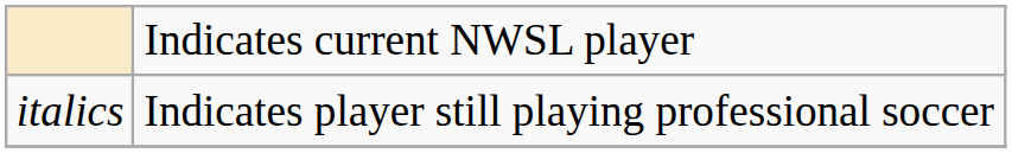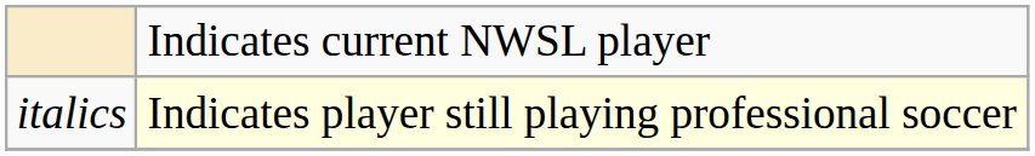 <table class="wikitable">
 <tr>
 <td style="background-color:#faecc8"></td>
 <td>Indicates current NWSL player</td>
 </tr>
 <tr>
 <td><em>italics</em></td>
-<td>Indicates player still playing professional soccer</td>
+<td style="background: lightyellow;">Indicates player still playing professional soccer</td>
 </tr>
 <tr>
 </tr>
 </table>
